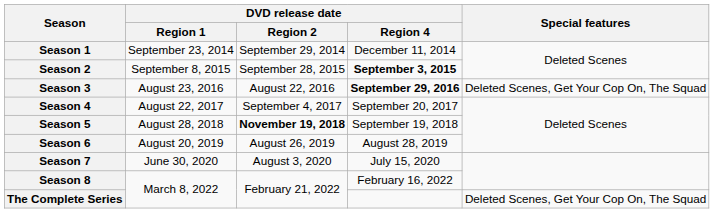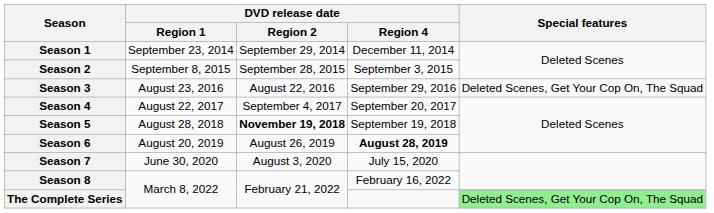 <table class="wikitable plainrowheaders" style="text-align:center">
 <tr>
 <th scope="col" rowspan="2">Season</th>
 <th scope="col" colspan="3">DVD release date</th>
 <th scope="col" rowspan="2">Special features</th>
 </tr>
 <tr>
 <th scope="col">Region 1</th>
 <th scope="col">Region 2</th>
 <th scope="col">Region 4</th>
 </tr>
 <tr>
 <th scope="row">Season 1</th>
 <td style="text-align:center">September 23, 2014</td>
 <td style="text-align:center">September 29, 2014</td>
 <td style="text-align:center">December 11, 2014</td>
 <td rowspan="2">Deleted Scenes</td>
 </tr>
 <tr>
 <th scope="row">Season 2</th>
 <td style="text-align:center">September 8, 2015</td>
 <td style="text-align:center">September 28, 2015</td>
-<td style="text-align:center"><strong>September 3, 2015</strong></td>
+<td style="text-align:center">September 3, 2015</td>
 </tr>
 <tr>
 <th scope="row">Season 3</th>
 <td style="text-align:center">August 23, 2016</td>
 <td style="text-align:center">August 22, 2016</td>
-<td style="text-align:center"><strong>September 29, 2016</strong></td>
+<td style="text-align:center">September 29, 2016</td>
 <td>Deleted Scenes, Get Your Cop On, The Squad</td>
 </tr>
 <tr>
 <th scope="row">Season 4</th>
 <td style="text-align:center">August 22, 2017</td>
 <td style="text-align:center">September 4, 2017</td>
 <td style="text-align:center">September 20, 2017</td>
 <td rowspan="3">Deleted Scenes</td>
 </tr>
 <tr>
 <th scope="row">Season 5</th>
 <td style="text-align:center">August 28, 2018</td>
 <td style="text-align:center"><strong>November 19, 2018</strong></td>
 <td style="text-align:center">September 19, 2018</td>
 </tr>
 <tr>
 <th scope="row">Season 6</th>
 <td style="text-align:center">August 20, 2019</td>
 <td style="text-align:center">August 26, 2019</td>
-<td style="text-align:center">August 28, 2019</td>
+<td style="text-align:center"><strong>August 28, 2019</strong></td>
 </tr>
 <tr>
 <th scope="row">Season 7</th>
 <td>June 30, 2020</td>
 <td>August 3, 2020</td>
 <td>July 15, 2020</td>
 <td rowspan="2"></td>
 </tr>
 <tr>
 <th scope="row">Season 8</th>
 <td rowspan="2">March 8, 2022</td>
 <td rowspan="2">February 21, 2022</td>
 <td>February 16, 2022</td>
 </tr>
 <tr>
 <th scope="row">The Complete Series</th>
 <td></td>
-<td>Deleted Scenes, Get Your Cop On, The Squad</td>
+<td style="background: lightgreen;">Deleted Scenes, Get Your Cop On, The Squad</td>
 </tr>
 </table>
